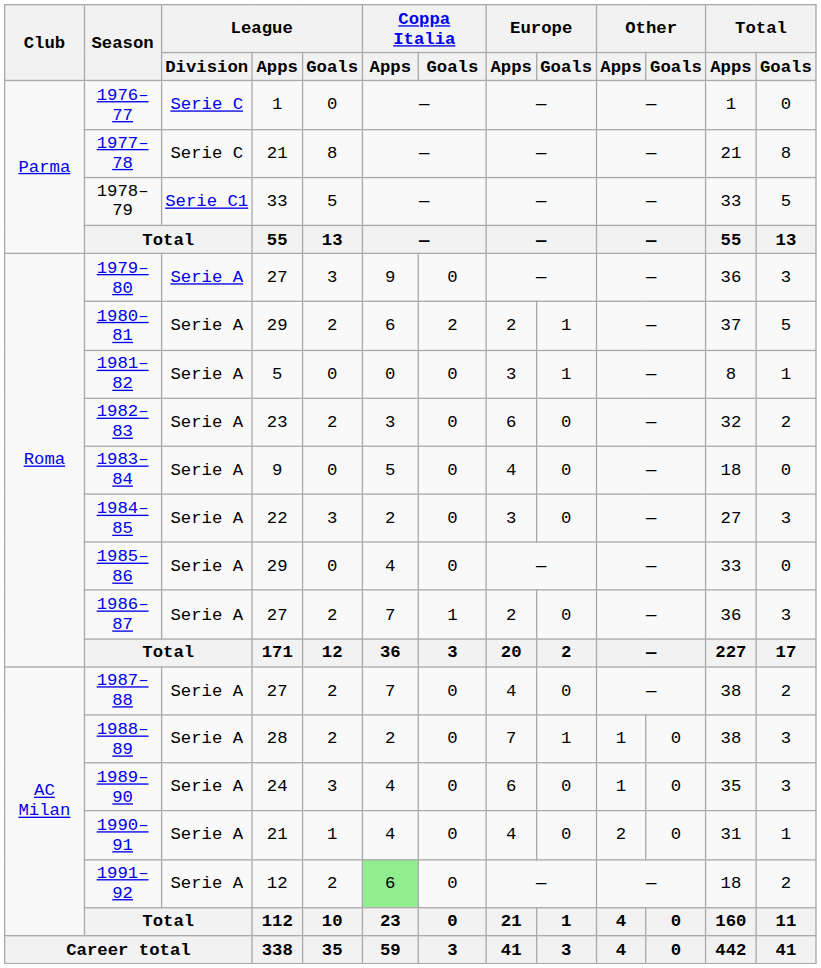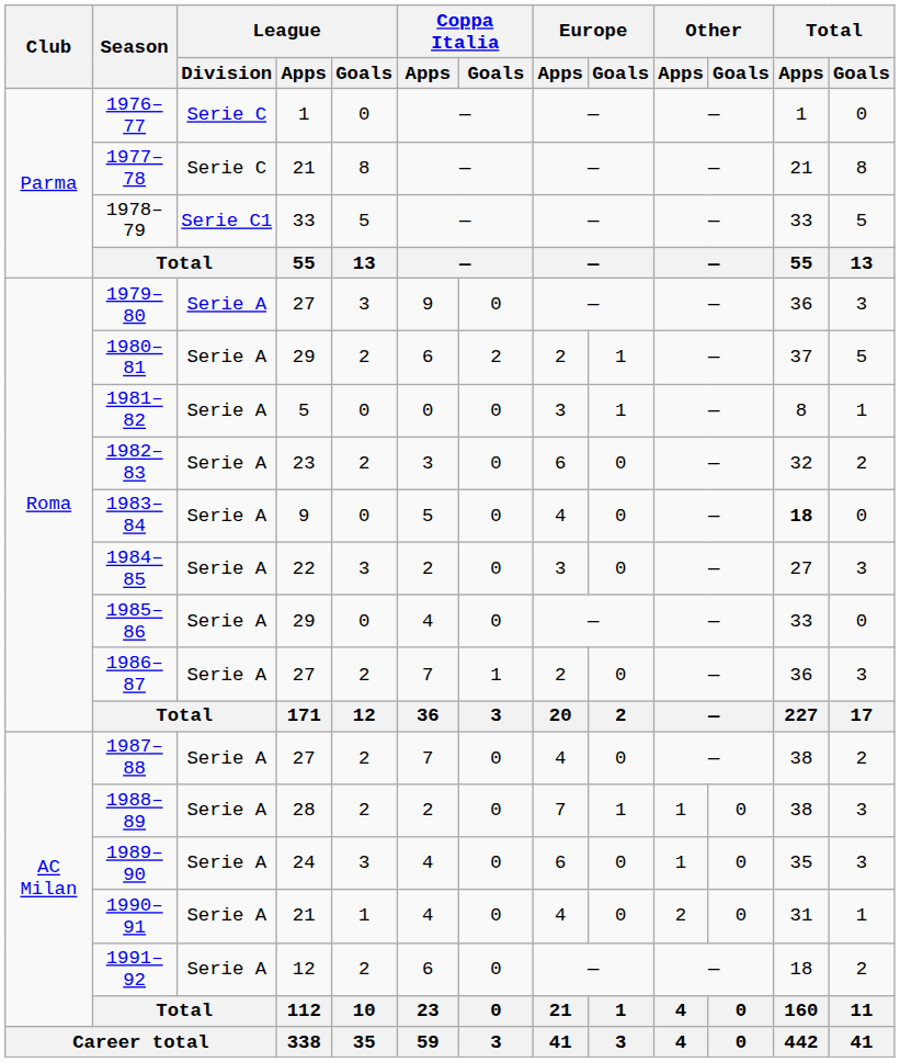 <table class="wikitable" style="text-align: center;">
 <tr>
 <th rowspan="2">Club</th>
 <th rowspan="2">Season</th>
 <th colspan="3">League</th>
 <th colspan="2"><a href='#'>Coppa Italia</a></th>
 <th colspan="2">Europe</th>
 <th colspan="2">Other</th>
 <th colspan="2">Total</th>
 </tr>
 <tr>
 <th>Division</th>
 <th>Apps</th>
 <th>Goals</th>
 <th>Apps</th>
 <th>Goals</th>
 <th>Apps</th>
 <th>Goals</th>
 <th>Apps</th>
 <th>Goals</th>
 <th>Apps</th>
 <th>Goals</th>
 </tr>
 <tr>
 <td rowspan=4><a href='#'>Parma</a></td>
 <td><a href='#'>1976–77</a></td>
 <td><a href='#'>Serie C</a></td>
 <td>1</td>
 <td>0</td>
 <td colspan=2>—</td>
 <td colspan=2>—</td>
 <td colspan=2>—</td>
 <td>1</td>
 <td>0</td>
 </tr>
 <tr>
 <td><a href='#'>1977–78</a></td>
 <td>Serie C</td>
 <td>21</td>
 <td>8</td>
 <td colspan=2>—</td>
 <td colspan=2>—</td>
 <td colspan=2>—</td>
 <td>21</td>
 <td>8</td>
 </tr>
 <tr>
 <td>1978–79</td>
 <td><a href='#'>Serie C1</a></td>
 <td>33</td>
 <td>5</td>
 <td colspan=2>—</td>
 <td colspan=2>—</td>
 <td colspan=2>—</td>
 <td>33</td>
 <td>5</td>
 </tr>
 <tr>
 <th colspan=2>Total</th>
 <th>55</th>
 <th>13</th>
 <th colspan=2>—</th>
 <th colspan=2>—</th>
 <th colspan=2>—</th>
 <th>55</th>
 <th>13</th>
 </tr>
 <tr>
 <td rowspan=9><a href='#'>Roma</a></td>
 <td><a href='#'>1979–80</a></td>
 <td><a href='#'>Serie A</a></td>
 <td>27</td>
 <td>3</td>
 <td>9</td>
 <td>0</td>
 <td colspan=2>—</td>
 <td colspan=2>—</td>
 <td>36</td>
 <td>3</td>
 </tr>
 <tr>
 <td><a href='#'>1980–81</a></td>
 <td>Serie A</td>
 <td>29</td>
 <td>2</td>
 <td>6</td>
 <td>2</td>
 <td>2</td>
 <td>1</td>
 <td colspan=2>—</td>
 <td>37</td>
 <td>5</td>
 </tr>
 <tr>
 <td><a href='#'>1981–82</a></td>
 <td>Serie A</td>
 <td>5</td>
 <td>0</td>
 <td>0</td>
 <td>0</td>
 <td>3</td>
 <td>1</td>
 <td colspan=2>—</td>
 <td>8</td>
 <td>1</td>
 </tr>
 <tr>
 <td><a href='#'>1982–83</a></td>
 <td>Serie A</td>
 <td>23</td>
 <td>2</td>
 <td>3</td>
 <td>0</td>
 <td>6</td>
 <td>0</td>
 <td colspan=2>—</td>
 <td>32</td>
 <td>2</td>
 </tr>
 <tr>
 <td><a href='#'>1983–84</a></td>
 <td>Serie A</td>
 <td>9</td>
 <td>0</td>
 <td>5</td>
 <td>0</td>
 <td>4</td>
 <td>0</td>
 <td colspan=2>—</td>
-<td>18</td>
+<td><strong>18</strong></td>
 <td>0</td>
 </tr>
 <tr>
 <td><a href='#'>1984–85</a></td>
 <td>Serie A</td>
 <td>22</td>
 <td>3</td>
 <td>2</td>
 <td>0</td>
 <td>3</td>
 <td>0</td>
 <td colspan=2>—</td>
 <td>27</td>
 <td>3</td>
 </tr>
 <tr>
 <td><a href='#'>1985–86</a></td>
 <td>Serie A</td>
 <td>29</td>
 <td>0</td>
 <td>4</td>
 <td>0</td>
 <td colspan=2>—</td>
 <td colspan=2>—</td>
 <td>33</td>
 <td>0</td>
 </tr>
 <tr>
 <td><a href='#'>1986–87</a></td>
 <td>Serie A</td>
 <td>27</td>
 <td>2</td>
 <td>7</td>
 <td>1</td>
 <td>2</td>
 <td>0</td>
 <td colspan=2>—</td>
 <td>36</td>
 <td>3</td>
 </tr>
 <tr>
 <th colspan=2>Total</th>
 <th>171</th>
 <th>12</th>
 <th>36</th>
 <th>3</th>
 <th>20</th>
 <th>2</th>
 <th colspan=2>—</th>
 <th>227</th>
 <th>17</th>
 </tr>
 <tr>
 <td rowspan=6><a href='#'>AC Milan</a></td>
 <td><a href='#'>1987–88</a></td>
 <td>Serie A</td>
 <td>27</td>
 <td>2</td>
 <td>7</td>
 <td>0</td>
 <td>4</td>
 <td>0</td>
 <td colspan=2>—</td>
 <td>38</td>
 <td>2</td>
 </tr>
 <tr>
 <td><a href='#'>1988–89</a></td>
 <td>Serie A</td>
 <td>28</td>
 <td>2</td>
 <td>2</td>
 <td>0</td>
 <td>7</td>
 <td>1</td>
 <td>1</td>
 <td>0</td>
 <td>38</td>
 <td>3</td>
 </tr>
 <tr>
 <td><a href='#'>1989–90</a></td>
 <td>Serie A</td>
 <td>24</td>
 <td>3</td>
 <td>4</td>
 <td>0</td>
 <td>6</td>
 <td>0</td>
 <td>1</td>
 <td>0</td>
 <td>35</td>
 <td>3</td>
 </tr>
 <tr>
 <td><a href='#'>1990–91</a></td>
 <td>Serie A</td>
 <td>21</td>
 <td>1</td>
 <td>4</td>
 <td>0</td>
 <td>4</td>
 <td>0</td>
 <td>2</td>
 <td>0</td>
 <td>31</td>
 <td>1</td>
 </tr>
 <tr>
 <td><a href='#'>1991–92</a></td>
 <td>Serie A</td>
 <td>12</td>
 <td>2</td>
-<td style="background: lightgreen;">6</td>
+<td>6</td>
 <td>0</td>
 <td colspan=2>—</td>
 <td colspan=2>—</td>
 <td>18</td>
 <td>2</td>
 </tr>
 <tr>
 <th colspan=2>Total</th>
 <th>112</th>
 <th>10</th>
 <th>23</th>
 <th>0</th>
 <th>21</th>
 <th>1</th>
 <th>4</th>
 <th>0</th>
 <th>160</th>
 <th>11</th>
 </tr>
 <tr>
 <th colspan=3>Career total</th>
 <th>338</th>
 <th>35</th>
 <th>59</th>
 <th>3</th>
 <th>41</th>
 <th>3</th>
 <th>4</th>
 <th>0</th>
 <th>442</th>
 <th>41</th>
 </tr>
 </table>
